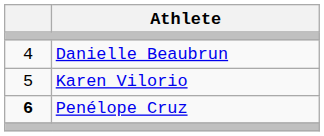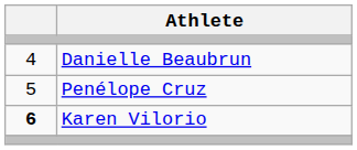 <table class="wikitable">
 <tr>
 <th width="30"></th>
 <th width="200">Athlete</th>
 </tr>
 <tr bgcolor="C0C0C0">
 <td colspan=2></td>
 </tr>
 <tr>
 <td align="center">4</td>
 <td> <a href='#'>Danielle Beaubrun</a></td>
 </tr>
 <tr>
 <td align="center">5</td>
-<td> <a href='#'>Karen Vilorio</a></td>
+<td> <a href='#'>Penélope Cruz</a></td>
 </tr>
 <tr>
 <td align="center"><strong>6</strong></td>
-<td> <a href='#'>Penélope Cruz</a></td>
+<td> <a href='#'>Karen Vilorio</a></td>
 </tr>
 <tr bgcolor="C0C0C0">
 <td colspan=2></td>
 </tr>
 </table>
